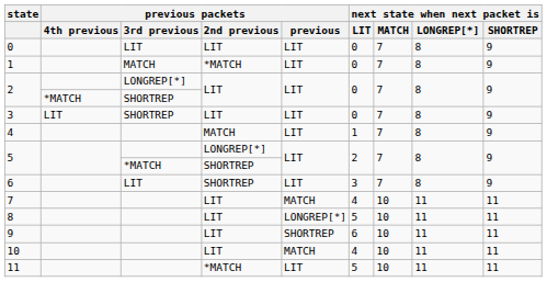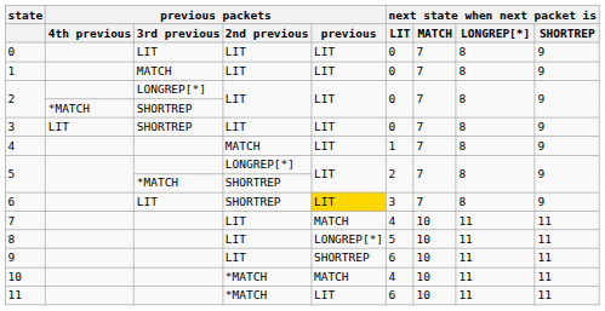 <table class="wikitable" border="1">
 <tr>
 <th>state</th>
 <th colspan="4">previous packets</th>
 <th colspan="4">next state when next packet is</th>
 </tr>
 <tr>
 <th></th>
 <th>4th previous</th>
 <th>3rd previous</th>
 <th>2nd previous</th>
 <th>previous</th>
 <th>LIT</th>
 <th>MATCH</th>
 <th>LONGREP[*]</th>
 <th>SHORTREP</th>
 </tr>
 <tr>
 <td>0</td>
 <td></td>
 <td>LIT</td>
 <td>LIT</td>
 <td>LIT</td>
 <td>0</td>
 <td>7</td>
 <td>8</td>
 <td>9</td>
 </tr>
 <tr>
 <td>1</td>
 <td></td>
 <td>MATCH</td>
-<td>*MATCH</td>
+<td>LIT</td>
 <td>LIT</td>
 <td>0</td>
 <td>7</td>
 <td>8</td>
 <td>9</td>
 </tr>
 <tr>
 <td rowspan="2">2</td>
 <td></td>
 <td>LONGREP[*]</td>
 <td rowspan="2">LIT</td>
 <td rowspan="2">LIT</td>
 <td rowspan="2">0</td>
 <td rowspan="2">7</td>
 <td rowspan="2">8</td>
 <td rowspan="2">9</td>
 </tr>
 <tr>
 <td>*MATCH</td>
 <td>SHORTREP</td>
 </tr>
 <tr>
 <td>3</td>
 <td>LIT</td>
 <td>SHORTREP</td>
 <td>LIT</td>
 <td>LIT</td>
 <td>0</td>
 <td>7</td>
 <td>8</td>
 <td>9</td>
 </tr>
 <tr>
 <td>4</td>
 <td></td>
 <td></td>
 <td>MATCH</td>
 <td>LIT</td>
 <td>1</td>
 <td>7</td>
 <td>8</td>
 <td>9</td>
 </tr>
 <tr>
 <td rowspan="2">5</td>
 <td rowspan="2"></td>
 <td></td>
 <td>LONGREP[*]</td>
 <td rowspan="2">LIT</td>
 <td rowspan="2">2</td>
 <td rowspan="2">7</td>
 <td rowspan="2">8</td>
 <td rowspan="2">9</td>
 </tr>
 <tr>
 <td>*MATCH</td>
 <td>SHORTREP</td>
 </tr>
 <tr>
 <td>6</td>
 <td></td>
 <td>LIT</td>
 <td>SHORTREP</td>
-<td>LIT</td>
+<td style="background: gold;">LIT</td>
 <td>3</td>
 <td>7</td>
 <td>8</td>
 <td>9</td>
 </tr>
 <tr>
 <td>7</td>
 <td></td>
 <td></td>
 <td>LIT</td>
 <td>MATCH</td>
 <td>4</td>
 <td>10</td>
 <td>11</td>
 <td>11</td>
 </tr>
 <tr>
 <td>8</td>
 <td></td>
 <td></td>
 <td>LIT</td>
 <td>LONGREP[*]</td>
 <td>5</td>
 <td>10</td>
 <td>11</td>
 <td>11</td>
 </tr>
 <tr>
 <td>9</td>
 <td></td>
 <td></td>
 <td>LIT</td>
 <td>SHORTREP</td>
 <td>6</td>
 <td>10</td>
 <td>11</td>
 <td>11</td>
 </tr>
 <tr>
 <td>10</td>
 <td></td>
 <td></td>
-<td>LIT</td>
+<td>*MATCH</td>
 <td>MATCH</td>
 <td>4</td>
 <td>10</td>
 <td>11</td>
 <td>11</td>
 </tr>
 <tr>
 <td>11</td>
 <td></td>
 <td></td>
 <td>*MATCH</td>
 <td>LIT</td>
-<td>5</td>
+<td>6</td>
 <td>10</td>
 <td>11</td>
 <td>11</td>
 </tr>
 </table>
